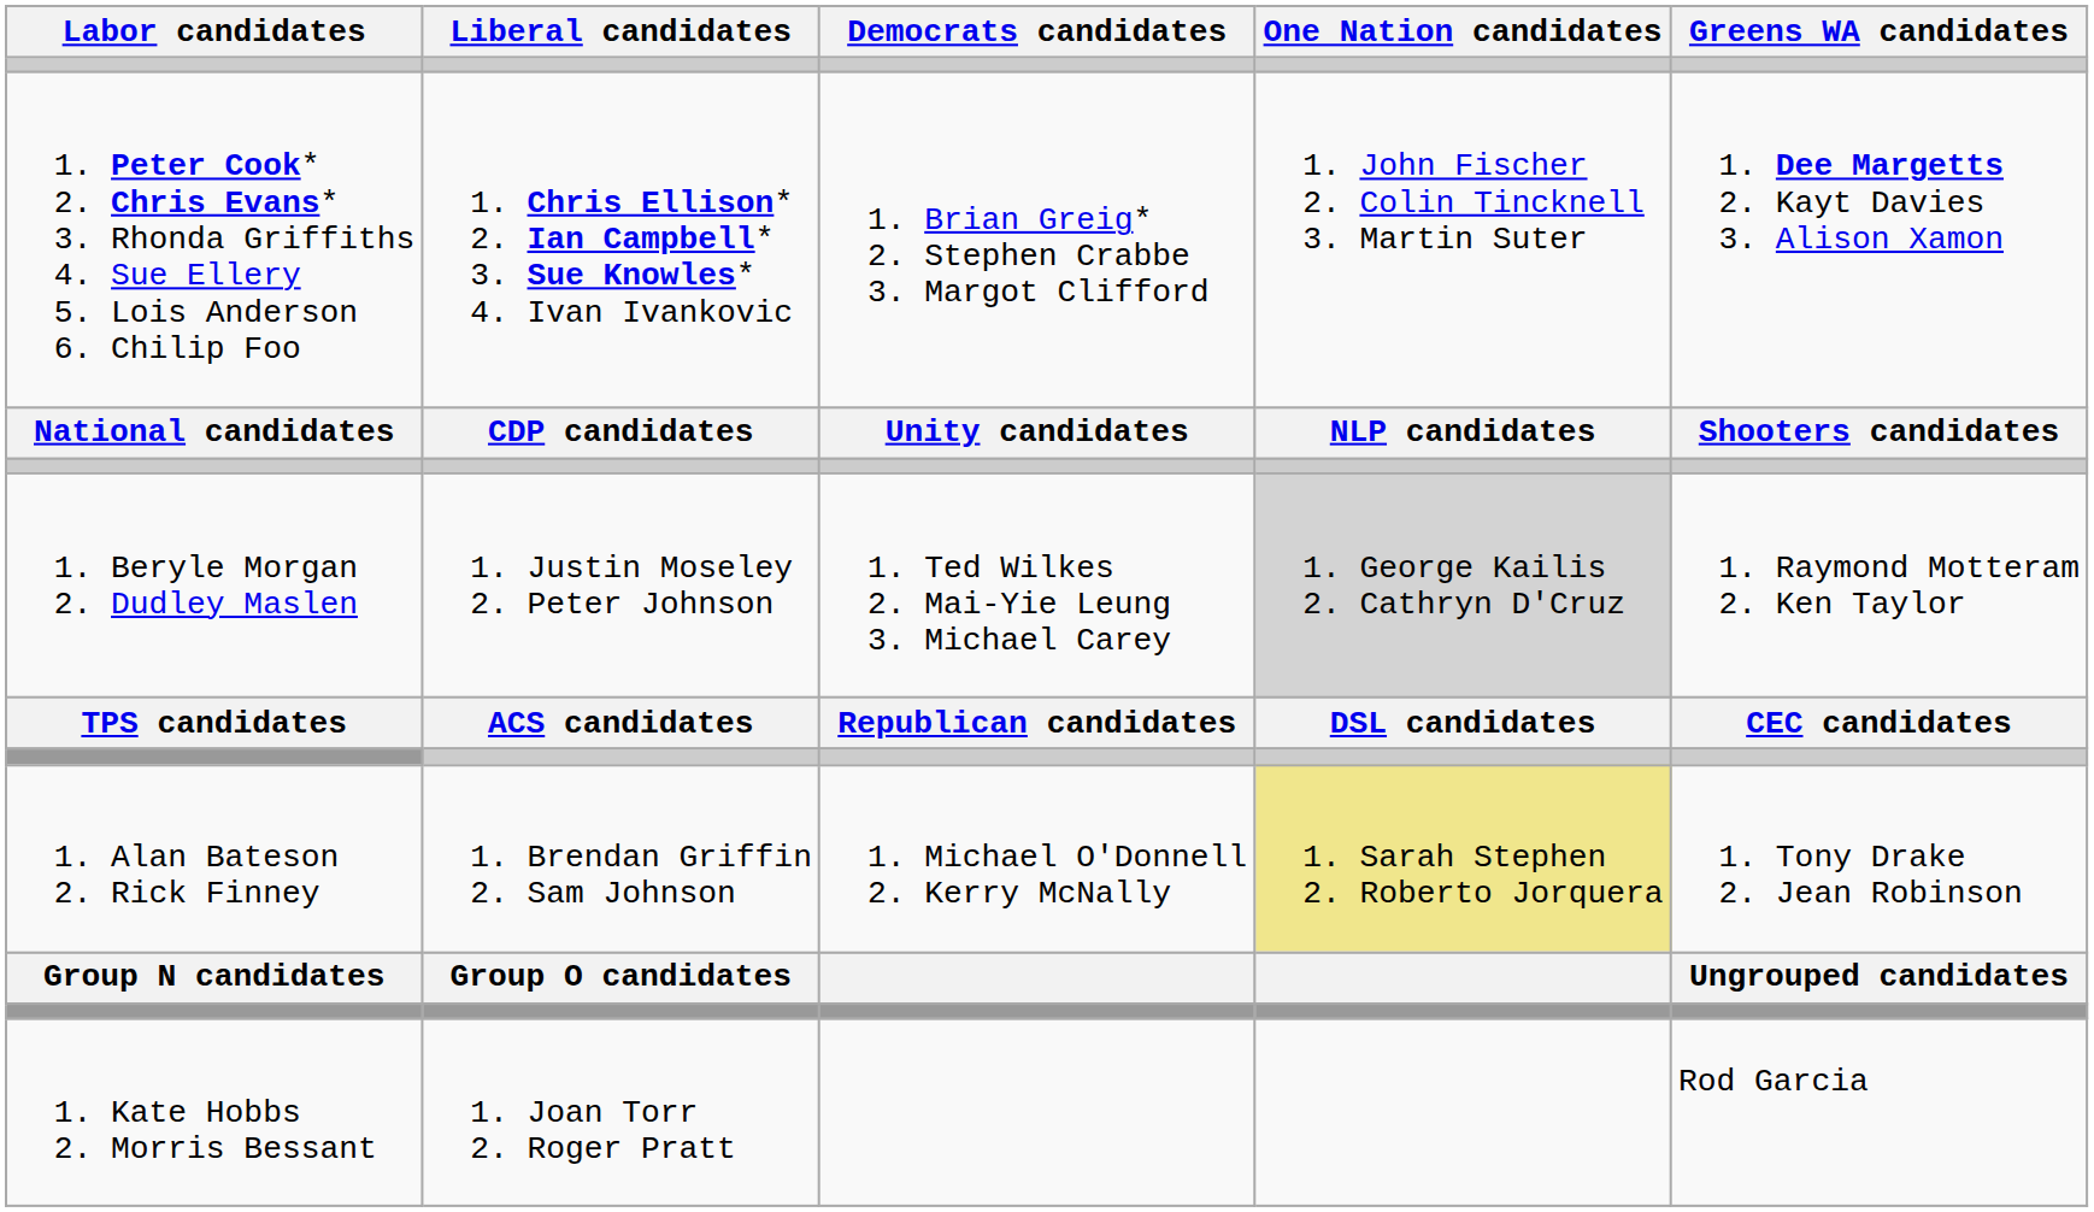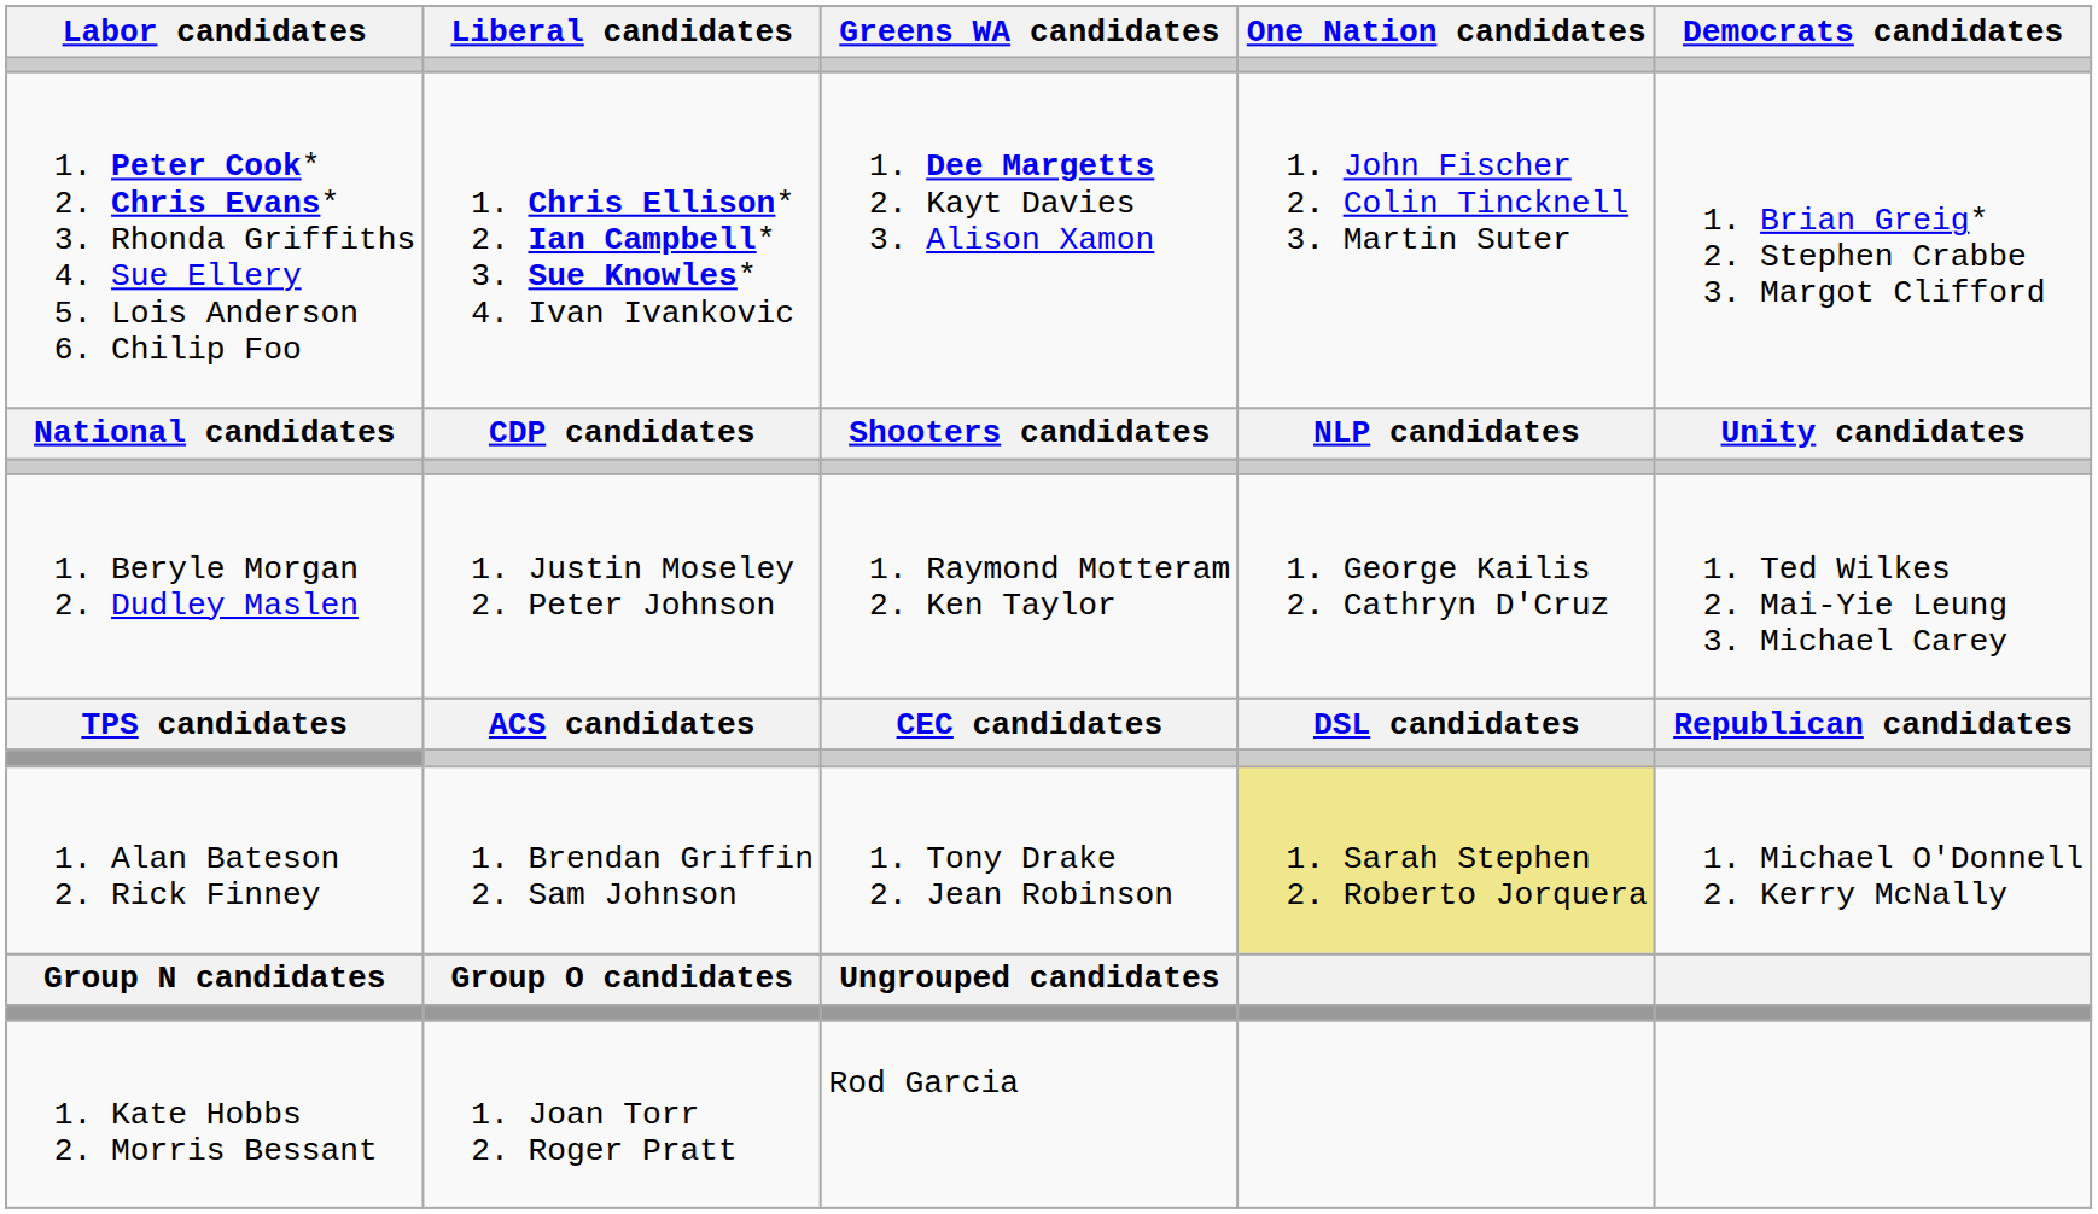 <table class="wikitable">
 <tr>
 <th><a href='#'>Labor</a> candidates</th>
 <th><a href='#'>Liberal</a> candidates</th>
+<th><a href='#'>Greens WA</a> candidates</th>
+<th><a href='#'>One Nation</a> candidates</th>
 <th><a href='#'>Democrats</a> candidates</th>
-<th><a href='#'>One Nation</a> candidates</th>
-<th><a href='#'>Greens WA</a> candidates</th>
 </tr>
 <tr bgcolor="#cccccc">
 <td></td>
 <td></td>
 <td></td>
 <td></td>
 <td></td>
 </tr>
 <tr>
 <td><br><ol><li><strong><a href='#'>Peter Cook</a></strong>*</li><li><strong><a href='#'>Chris Evans</a></strong>*</li><li>Rhonda Griffiths</li><li><a href='#'>Sue Ellery</a></li><li>Lois Anderson</li><li>Chilip Foo</li></ol></td>
 <td><br><ol><li><strong><a href='#'>Chris Ellison</a></strong>*</li><li><strong><a href='#'>Ian Campbell</a></strong>*</li><li><strong><a href='#'>Sue Knowles</a></strong>*</li><li>Ivan Ivankovic</li></ol></td>
+<td valign=top><br><ol><li><strong><a href='#'>Dee Margetts</a></strong></li><li>Kayt Davies</li><li><a href='#'>Alison Xamon</a></li></ol></td>
+<td valign=top><br><ol><li><a href='#'>John Fischer</a></li><li><a href='#'>Colin Tincknell</a></li><li>Martin Suter</li></ol></td>
 <td><br><ol><li><a href='#'>Brian Greig</a>*</li><li>Stephen Crabbe</li><li>Margot Clifford</li></ol></td>
-<td valign=top><br><ol><li><a href='#'>John Fischer</a></li><li><a href='#'>Colin Tincknell</a></li><li>Martin Suter</li></ol></td>
-<td valign=top><br><ol><li><strong><a href='#'>Dee Margetts</a></strong></li><li>Kayt Davies</li><li><a href='#'>Alison Xamon</a></li></ol></td>
 </tr>
 <tr bgcolor="#cccccc">
 <th><a href='#'>National</a> candidates</th>
 <th><a href='#'>CDP</a> candidates</th>
+<th><a href='#'>Shooters</a> candidates</th>
+<th><a href='#'>NLP</a> candidates</th>
 <th><a href='#'>Unity</a> candidates</th>
-<th><a href='#'>NLP</a> candidates</th>
-<th><a href='#'>Shooters</a> candidates</th>
 </tr>
 <tr bgcolor="#cccccc">
 <td></td>
 <td></td>
 <td></td>
 <td></td>
 <td></td>
 </tr>
 <tr>
 <td valign=top><br><ol><li>Beryle Morgan</li><li><a href='#'>Dudley Maslen</a></li></ol></td>
 <td valign=top><br><ol><li>Justin Moseley</li><li>Peter Johnson</li></ol></td>
+<td valign=top><br><ol><li>Raymond Motteram</li><li>Ken Taylor</li></ol></td>
+<td valign=top><br><ol><li>George Kailis</li><li>Cathryn D'Cruz</li></ol></td>
 <td valign=top><br><ol><li>Ted Wilkes</li><li>Mai-Yie Leung</li><li>Michael Carey</li></ol></td>
-<td valign=top style="background: lightgrey;"><br><ol><li>George Kailis</li><li>Cathryn D'Cruz</li></ol></td>
-<td valign=top><br><ol><li>Raymond Motteram</li><li>Ken Taylor</li></ol></td>
 </tr>
 <tr bgcolor="#cccccc">
 <th><a href='#'>TPS</a> candidates</th>
 <th><a href='#'>ACS</a> candidates</th>
+<th><a href='#'>CEC</a> candidates</th>
+<th><a href='#'>DSL</a> candidates</th>
 <th><a href='#'>Republican</a> candidates</th>
-<th><a href='#'>DSL</a> candidates</th>
-<th><a href='#'>CEC</a> candidates</th>
 </tr>
 <tr bgcolor="#cccccc">
 <td bgcolor="#999999"></td>
 <td></td>
 <td></td>
 <td></td>
 <td></td>
 </tr>
 <tr>
 <td valign=top><br><ol><li>Alan Bateson</li><li>Rick Finney</li></ol></td>
 <td valign=top><br><ol><li>Brendan Griffin</li><li>Sam Johnson</li></ol></td>
+<td valign=top><br><ol><li>Tony Drake</li><li>Jean Robinson</li></ol></td>
+<td valign=top style="background: khaki;"><br><ol><li>Sarah Stephen</li><li>Roberto Jorquera</li></ol></td>
 <td valign=top><br><ol><li>Michael O'Donnell</li><li>Kerry McNally</li></ol></td>
-<td valign=top style="background: khaki;"><br><ol><li>Sarah Stephen</li><li>Roberto Jorquera</li></ol></td>
-<td valign=top><br><ol><li>Tony Drake</li><li>Jean Robinson</li></ol></td>
 </tr>
 <tr bgcolor="#cccccc">
 <th>Group N candidates</th>
 <th>Group O candidates</th>
+<th>Ungrouped candidates</th>
 <th></th>
 <th></th>
-<th>Ungrouped candidates</th>
 </tr>
 <tr bgcolor="#cccccc">
 <td bgcolor="#999999"></td>
 <td bgcolor="#999999"></td>
 <td bgcolor="#999999"></td>
 <td bgcolor="#999999"></td>
 <td bgcolor="#999999"></td>
 </tr>
 <tr>
 <td valign=top><br><ol><li>Kate Hobbs</li><li>Morris Bessant</li></ol></td>
 <td valign=top><br><ol><li>Joan Torr</li><li>Roger Pratt</li></ol></td>
+<td valign=top><br>Rod Garcia</td>
 <td valign=top></td>
 <td valign=top></td>
-<td valign=top><br>Rod Garcia</td>
 </tr>
 </table>
